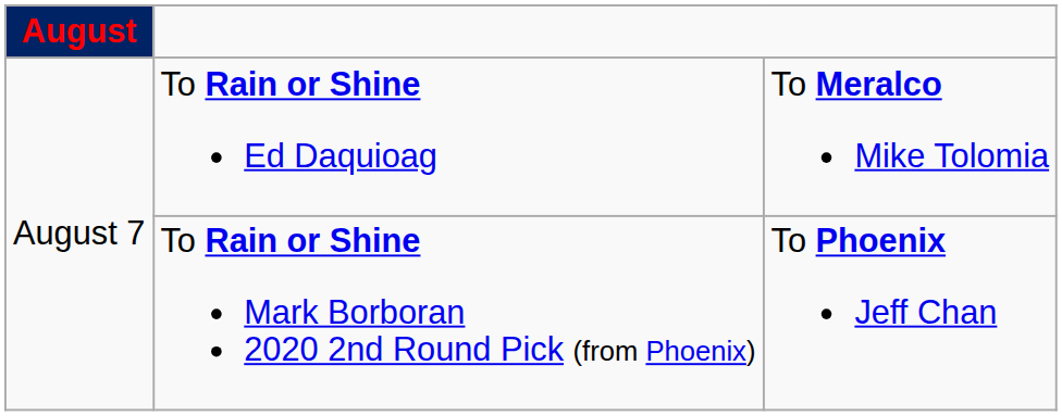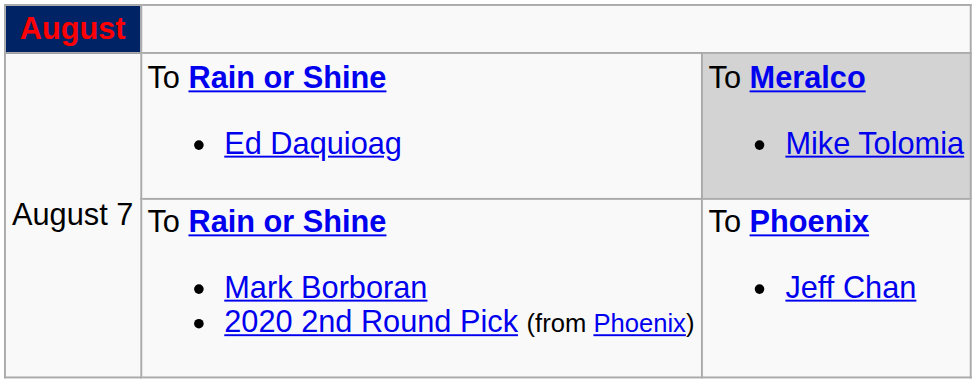 <table class="wikitable" style="text-align:center">
 <tr bgcolor="eeeeee">
 <th style="background:#002366; color:#FE0003; ">August</th>
 </tr>
 <tr>
 <td rowspan=3>August 7 </td>
 <td align=left valign=top>To <strong><a href='#'>Rain or Shine</a></strong><br><ul><li><a href='#'>Ed Daquioag</a></li></ul></td>
-<td align=left valign=top>To <strong><a href='#'>Meralco</a></strong><br><ul><li><a href='#'>Mike Tolomia</a></li></ul></td>
+<td align=left valign=top style="background: lightgrey;">To <strong><a href='#'>Meralco</a></strong><br><ul><li><a href='#'>Mike Tolomia</a></li></ul></td>
 </tr>
 <tr>
 <td align=left valign=top>To <strong><a href='#'>Rain or Shine</a></strong><br><ul><li><a href='#'>Mark Borboran</a></li><li><a href='#'>2020 2nd Round Pick</a> <small>(from <a href='#'>Phoenix</a>)</small></li></ul></td>
 <td align=left valign=top>To <strong><a href='#'>Phoenix</a></strong><br><ul><li><a href='#'>Jeff Chan</a></li></ul></td>
 </tr>
 </table>
